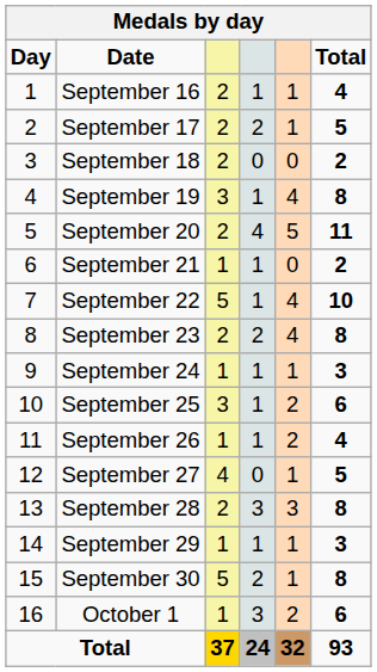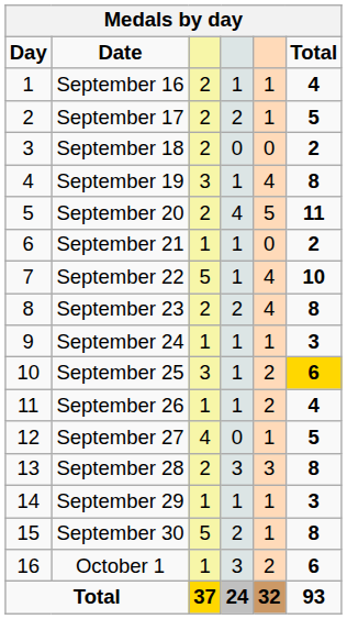 <table class=wikitable style="font-size:85%; float:right;text-align:center">
 <tr>
 <th colspan=7>Medals by day</th>
 </tr>
 <tr>
 <td><strong>Day</strong></td>
 <td><strong>Date</strong></td>
 <td bgcolor=F7F6A8></td>
 <td bgcolor=DCE5E5></td>
 <td bgcolor=FFDAB9></td>
 <td><strong>Total</strong></td>
 </tr>
 <tr>
 <td>1</td>
 <td>September 16</td>
 <td bgcolor=F7F6A8>2</td>
 <td bgcolor=DCE5E5>1</td>
 <td bgcolor=FFDAB9>1</td>
 <td><strong>4</strong></td>
 </tr>
 <tr>
 <td>2</td>
 <td>September 17</td>
 <td bgcolor=F7F6A8>2</td>
 <td bgcolor=DCE5E5>2</td>
 <td bgcolor=FFDAB9>1</td>
 <td><strong>5</strong></td>
 </tr>
 <tr>
 <td>3</td>
 <td>September 18</td>
 <td bgcolor=F7F6A8>2</td>
 <td bgcolor=DCE5E5>0</td>
 <td bgcolor=FFDAB9>0</td>
 <td><strong>2</strong></td>
 </tr>
 <tr>
 <td>4</td>
 <td>September 19</td>
 <td bgcolor=F7F6A8>3</td>
 <td bgcolor=DCE5E5>1</td>
 <td bgcolor=FFDAB9>4</td>
 <td><strong>8</strong></td>
 </tr>
 <tr>
 <td>5</td>
 <td>September 20</td>
 <td bgcolor=F7F6A8>2</td>
 <td bgcolor=DCE5E5>4</td>
 <td bgcolor=FFDAB9>5</td>
 <td><strong>11</strong></td>
 </tr>
 <tr>
 <td>6</td>
 <td>September 21</td>
 <td bgcolor=F7F6A8>1</td>
 <td bgcolor=DCE5E5>1</td>
 <td bgcolor=FFDAB9>0</td>
 <td><strong>2</strong></td>
 </tr>
 <tr>
 <td>7</td>
 <td>September 22</td>
 <td bgcolor=F7F6A8>5</td>
 <td bgcolor=DCE5E5>1</td>
 <td bgcolor=FFDAB9>4</td>
 <td><strong>10</strong></td>
 </tr>
 <tr>
 <td>8</td>
 <td>September 23</td>
 <td bgcolor=F7F6A8>2</td>
 <td bgcolor=DCE5E5>2</td>
 <td bgcolor=FFDAB9>4</td>
 <td><strong>8</strong></td>
 </tr>
 <tr>
 <td>9</td>
 <td>September 24</td>
 <td bgcolor=F7F6A8>1</td>
 <td bgcolor=DCE5E5>1</td>
 <td bgcolor=FFDAB9>1</td>
 <td><strong>3</strong></td>
 </tr>
 <tr>
 <td>10</td>
 <td>September 25</td>
 <td bgcolor=F7F6A8>3</td>
 <td bgcolor=DCE5E5>1</td>
 <td bgcolor=FFDAB9>2</td>
-<td><strong>6</strong></td>
+<td style="background: gold;"><strong>6</strong></td>
 </tr>
 <tr>
 <td>11</td>
 <td>September 26</td>
 <td bgcolor=F7F6A8>1</td>
 <td bgcolor=DCE5E5>1</td>
 <td bgcolor=FFDAB9>2</td>
 <td><strong>4</strong></td>
 </tr>
 <tr>
 <td>12</td>
 <td>September 27</td>
 <td bgcolor=F7F6A8>4</td>
 <td bgcolor=DCE5E5>0</td>
 <td bgcolor=FFDAB9>1</td>
 <td><strong>5</strong></td>
 </tr>
 <tr>
 <td>13</td>
 <td>September 28</td>
 <td bgcolor=F7F6A8>2</td>
 <td bgcolor=DCE5E5>3</td>
 <td bgcolor=FFDAB9>3</td>
 <td><strong>8</strong></td>
 </tr>
 <tr>
 <td>14</td>
 <td>September 29</td>
 <td bgcolor=F7F6A8>1</td>
 <td bgcolor=DCE5E5>1</td>
 <td bgcolor=FFDAB9>1</td>
 <td><strong>3</strong></td>
 </tr>
 <tr>
 <td>15</td>
 <td>September 30</td>
 <td bgcolor=F7F6A8>5</td>
 <td bgcolor=DCE5E5>2</td>
 <td bgcolor=FFDAB9>1</td>
 <td><strong>8</strong></td>
 </tr>
 <tr>
 <td>16</td>
 <td>October 1</td>
 <td bgcolor=F7F6A8>1</td>
 <td bgcolor=DCE5E5>3</td>
 <td bgcolor=FFDAB9>2</td>
 <td><strong>6</strong></td>
 </tr>
 <tr>
 <td colspan=2><strong>Total</strong></td>
 <td style="background:gold;"><strong>37</strong></td>
 <td style="background:silver;"><strong>24</strong></td>
 <td style="background:#c96;"><strong>32</strong></td>
 <td><strong>93</strong></td>
 </tr>
 </table>
